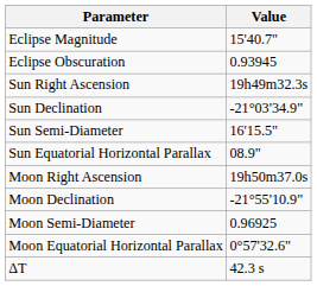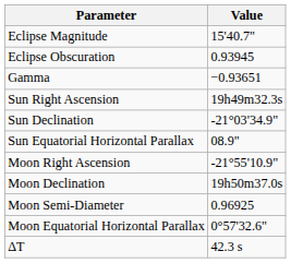 <table class="wikitable">
 <tr>
 <th>Parameter</th>
 <th>Value</th>
 </tr>
 <tr>
 <td>Eclipse Magnitude</td>
 <td>15'40.7"</td>
 </tr>
 <tr>
 <td>Eclipse Obscuration</td>
 <td>0.93945</td>
 </tr>
 <tr>
+<td>Gamma</td>
+<td>−0.93651</td>
+</tr>
+<tr>
 <td>Sun Right Ascension</td>
 <td>19h49m32.3s</td>
 </tr>
 <tr>
 <td>Sun Declination</td>
 <td>-21°03'34.9"</td>
 </tr>
 <tr>
-<td>Sun Semi-Diameter</td>
-<td>16'15.5"</td>
-</tr>
-<tr>
 <td>Sun Equatorial Horizontal Parallax</td>
 <td>08.9"</td>
 </tr>
 <tr>
 <td>Moon Right Ascension</td>
-<td>19h50m37.0s</td>
+<td>-21°55'10.9"</td>
 </tr>
 <tr>
 <td>Moon Declination</td>
-<td>-21°55'10.9"</td>
+<td>19h50m37.0s</td>
 </tr>
 <tr>
 <td>Moon Semi-Diameter</td>
 <td>0.96925</td>
 </tr>
 <tr>
 <td>Moon Equatorial Horizontal Parallax</td>
 <td>0°57'32.6"</td>
 </tr>
 <tr>
 <td>ΔT</td>
 <td>42.3 s</td>
 </tr>
 </table>
